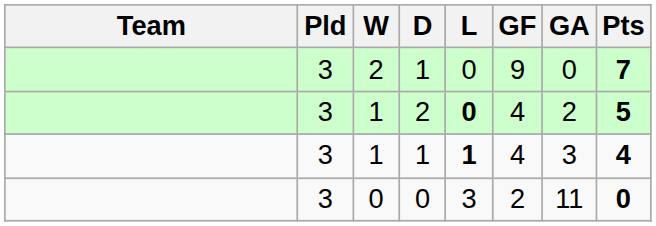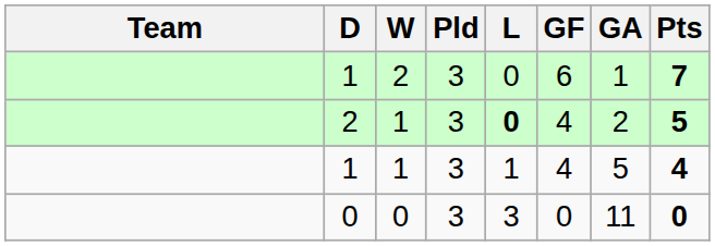 <table class="wikitable" style="text-align: center;">
 <tr>
 <th width="165">Team</th>
+<th width="20">D</th>
+<th width="20">W</th>
 <th width="20">Pld</th>
-<th width="20">W</th>
-<th width="20">D</th>
 <th width="20">L</th>
 <th width="20">GF</th>
 <th width="20">GA</th>
 <th width="20">Pts</th>
 </tr>
 <tr style="background-color:#ccffcc;">
 <td style="text-align:left"></td>
+<td>1</td>
+<td>2</td>
 <td>3</td>
-<td>2</td>
+<td>0</td>
+<td>6</td>
 <td>1</td>
-<td>0</td>
-<td>9</td>
-<td>0</td>
 <td><strong>7</strong></td>
 </tr>
 <tr style="background-color:#ccffcc;">
 <td style="text-align:left"></td>
+<td>2</td>
+<td>1</td>
 <td>3</td>
-<td>1</td>
-<td>2</td>
 <td><strong>0</strong></td>
 <td>4</td>
 <td>2</td>
 <td><strong>5</strong></td>
 </tr>
 <tr>
 <td style="text-align:left"></td>
+<td>1</td>
+<td>1</td>
 <td>3</td>
 <td>1</td>
-<td>1</td>
-<td><strong>1</strong></td>
 <td>4</td>
-<td>3</td>
+<td>5</td>
 <td><strong>4</strong></td>
 </tr>
 <tr>
 <td style="text-align:left"></td>
-<td>3</td>
 <td>0</td>
 <td>0</td>
 <td>3</td>
-<td>2</td>
+<td>3</td>
+<td>0</td>
 <td>11</td>
 <td><strong>0</strong></td>
 </tr>
 </table>
